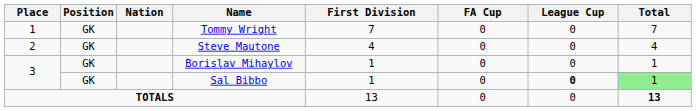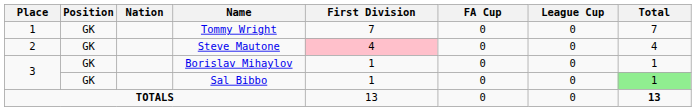 <table class="wikitable" style="font-size: 95%; text-align: center;">
 <tr>
 <th width=60>Place</th>
 <th width=60>Position</th>
 <th width=60>Nation</th>
 <th width=150>Name</th>
 <th width=150>First Division</th>
 <th width=100>FA Cup</th>
 <th width=100>League Cup</th>
 <th width=80>Total</th>
 </tr>
 <tr>
 <td>1</td>
 <td>GK</td>
 <td></td>
 <td><a href='#'>Tommy Wright</a></td>
 <td>7</td>
 <td>0</td>
 <td>0</td>
 <td>7</td>
 </tr>
 <tr>
 <td>2</td>
 <td>GK</td>
 <td></td>
 <td><a href='#'>Steve Mautone</a></td>
-<td>4</td>
+<td style="background: pink;">4</td>
 <td>0</td>
 <td>0</td>
 <td>4</td>
 </tr>
 <tr>
 <td rowspan="2">3</td>
 <td>GK</td>
 <td></td>
 <td><a href='#'>Borislav Mihaylov</a></td>
 <td>1</td>
 <td>0</td>
 <td>0</td>
 <td>1</td>
 </tr>
 <tr>
 <td>GK</td>
 <td></td>
 <td><a href='#'>Sal Bibbo</a></td>
 <td>1</td>
 <td>0</td>
-<td><strong>0</strong></td>
+<td>0</td>
 <td style="background: lightgreen;">1</td>
 </tr>
 <tr>
 <td colspan="4"><strong>TOTALS</strong></td>
 <td>13</td>
 <td>0</td>
 <td>0</td>
 <td><strong>13</strong></td>
 </tr>
 </table>
